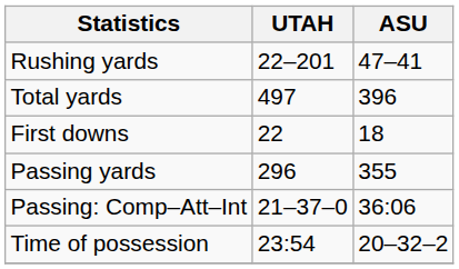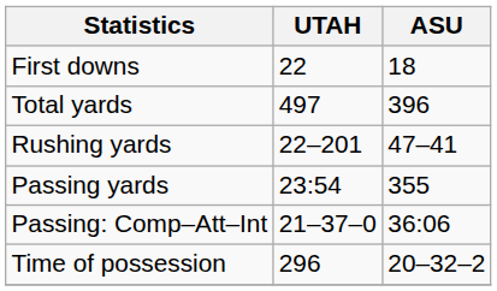 <table class="wikitable" style="float: left;">
 <tr>
 <th>Statistics</th>
 <th>UTAH</th>
 <th>ASU</th>
 </tr>
 <tr>
-<td>Rushing yards</td>
-<td>22–201</td>
-<td>47–41</td>
+<td>First downs</td>
+<td>22</td>
+<td>18</td>
 </tr>
 <tr>
 <td>Total yards</td>
 <td>497</td>
 <td>396</td>
 </tr>
 <tr>
-<td>First downs</td>
-<td>22</td>
-<td>18</td>
+<td>Rushing yards</td>
+<td>22–201</td>
+<td>47–41</td>
 </tr>
 <tr>
 <td>Passing yards</td>
-<td>296</td>
+<td>23:54</td>
 <td>355</td>
 </tr>
 <tr>
 <td>Passing: Comp–Att–Int</td>
 <td>21–37–0</td>
 <td>36:06</td>
 </tr>
 <tr>
 <td>Time of possession</td>
-<td>23:54</td>
+<td>296</td>
 <td>20–32–2</td>
 </tr>
 <tr>
 </tr>
 </table>
